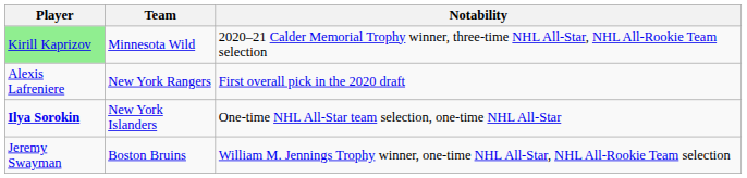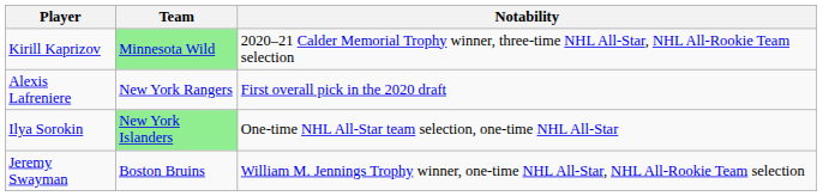 <table class="wikitable">
 <tr>
 <th>Player</th>
 <th>Team</th>
 <th>Notability</th>
 </tr>
 <tr>
-<td style="background: lightgreen;"><a href='#'>Kirill Kaprizov</a></td>
-<td><a href='#'>Minnesota Wild</a></td>
+<td><a href='#'>Kirill Kaprizov</a></td>
+<td style="background: lightgreen;"><a href='#'>Minnesota Wild</a></td>
 <td>2020–21 <a href='#'>Calder Memorial Trophy</a> winner, three-time <a href='#'>NHL All-Star</a>, <a href='#'>NHL All-Rookie Team</a> selection</td>
 </tr>
 <tr>
 <td><a href='#'>Alexis Lafreniere</a></td>
 <td><a href='#'>New York Rangers</a></td>
 <td><a href='#'>First overall pick in the 2020 draft</a></td>
 </tr>
 <tr>
-<td><strong><a href='#'>Ilya Sorokin</a></strong></td>
-<td><a href='#'>New York Islanders</a></td>
+<td><a href='#'>Ilya Sorokin</a></td>
+<td style="background: lightgreen;"><a href='#'>New York Islanders</a></td>
 <td>One-time <a href='#'>NHL All-Star team</a> selection, one-time <a href='#'>NHL All-Star</a></td>
 </tr>
 <tr>
 <td><a href='#'>Jeremy Swayman</a></td>
 <td><a href='#'>Boston Bruins</a></td>
 <td><a href='#'>William M. Jennings Trophy</a> winner, one-time <a href='#'>NHL All-Star</a>, <a href='#'>NHL All-Rookie Team</a> selection</td>
 </tr>
 </table>
